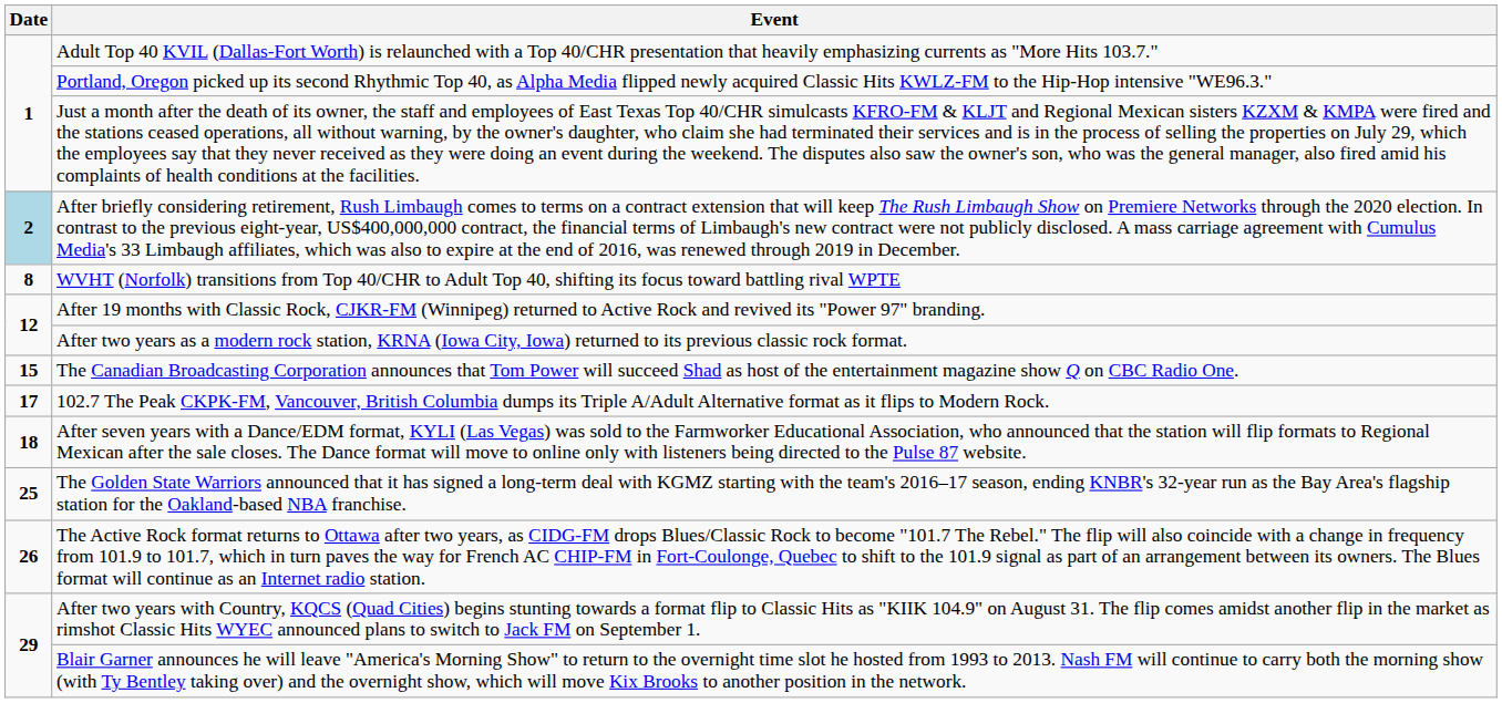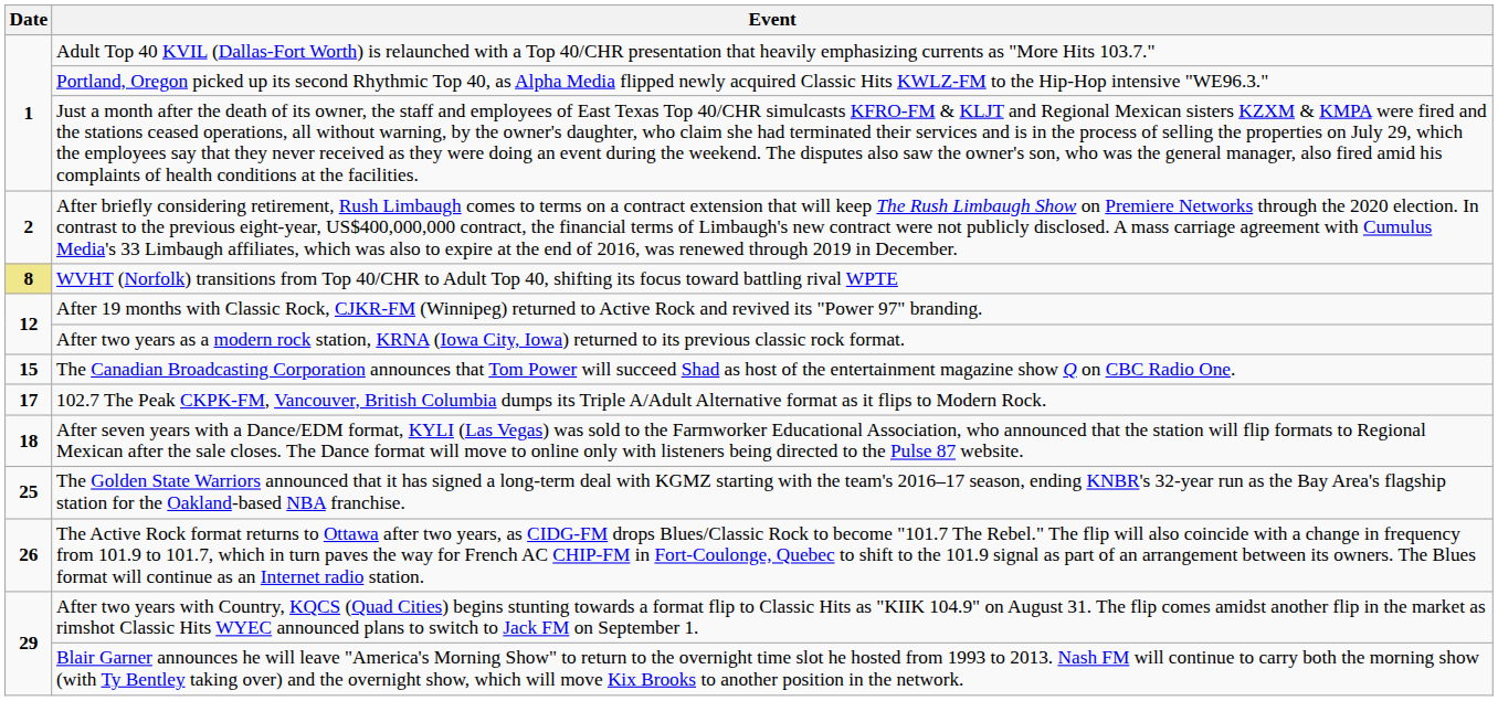 <table class="wikitable">
 <tr>
 <th>Date</th>
 <th>Event</th>
 </tr>
 <tr>
 <td style="text-align:center;" rowspan=3><strong>1</strong></td>
 <td>Adult Top 40 <a href='#'>KVIL</a> (<a href='#'>Dallas-Fort Worth</a>) is relaunched with a Top 40/CHR presentation that heavily emphasizing currents as "More Hits 103.7."</td>
 </tr>
 <tr>
 <td><a href='#'>Portland, Oregon</a> picked up its second Rhythmic Top 40, as <a href='#'>Alpha Media</a> flipped newly acquired Classic Hits <a href='#'>KWLZ-FM</a> to the Hip-Hop intensive "WE96.3."</td>
 </tr>
 <tr>
 <td>Just a month after the death of its owner, the staff and employees of East Texas Top 40/CHR simulcasts <a href='#'>KFRO-FM</a> & <a href='#'>KLJT</a> and Regional Mexican sisters <a href='#'>KZXM</a> & <a href='#'>KMPA</a> were fired and the stations ceased operations, all without warning, by the owner's daughter, who claim she had terminated their services and is in the process of selling the properties on July 29, which the employees say that they never received as they were doing an event during the weekend. The disputes also saw the owner's son, who was the general manager, also fired amid his complaints of health conditions at the facilities.</td>
 </tr>
 <tr>
-<td style="background: lightblue; text-align:center;"><strong>2</strong></td>
+<td style="text-align:center;"><strong>2</strong></td>
 <td>After briefly considering retirement, <a href='#'>Rush Limbaugh</a> comes to terms on a contract extension that will keep <em><a href='#'>The Rush Limbaugh Show</a></em> on <a href='#'>Premiere Networks</a> through the 2020 election. In contrast to the previous eight-year, US$400,000,000 contract, the financial terms of Limbaugh's new contract were not publicly disclosed. A mass carriage agreement with <a href='#'>Cumulus Media</a>'s 33 Limbaugh affiliates, which was also to expire at the end of 2016, was renewed through 2019 in December.</td>
 </tr>
 <tr>
-<td style="text-align:center;"><strong>8</strong></td>
+<td style="background: khaki; text-align:center;"><strong>8</strong></td>
 <td><a href='#'>WVHT</a> (<a href='#'>Norfolk</a>) transitions from Top 40/CHR to Adult Top 40, shifting its focus toward battling rival <a href='#'>WPTE</a></td>
 </tr>
 <tr>
 <td style="text-align:center;" rowspan=2><strong>12</strong></td>
 <td>After 19 months with Classic Rock, <a href='#'>CJKR-FM</a> (Winnipeg) returned to Active Rock and revived its "Power 97" branding.</td>
 </tr>
 <tr>
 <td>After two years as a <a href='#'>modern rock</a> station, <a href='#'>KRNA</a> (<a href='#'>Iowa City, Iowa</a>) returned to its previous classic rock format.</td>
 </tr>
 <tr>
 <td style="text-align:center;"><strong>15</strong></td>
 <td>The <a href='#'>Canadian Broadcasting Corporation</a> announces that <a href='#'>Tom Power</a> will succeed <a href='#'>Shad</a> as host of the entertainment magazine show <em><a href='#'>Q</a></em> on <a href='#'>CBC Radio One</a>.</td>
 </tr>
 <tr>
 <td style="text-align:center;"><strong>17</strong></td>
 <td>102.7 The Peak <a href='#'>CKPK-FM</a>, <a href='#'>Vancouver, British Columbia</a> dumps its Triple A/Adult Alternative format as it flips to Modern Rock.</td>
 </tr>
 <tr>
 <td style="text-align:center;"><strong>18</strong></td>
 <td>After seven years with a Dance/EDM format, <a href='#'>KYLI</a> (<a href='#'>Las Vegas</a>) was sold to the Farmworker Educational Association, who announced that the station will flip formats to Regional Mexican after the sale closes. The Dance format will move to online only with listeners being directed to the <a href='#'>Pulse 87</a> website.</td>
 </tr>
 <tr>
 <td style="text-align:center;"><strong>25</strong></td>
 <td>The <a href='#'>Golden State Warriors</a> announced that it has signed a long-term deal with KGMZ starting with the team's 2016–17 season, ending <a href='#'>KNBR</a>'s 32-year run as the Bay Area's flagship station for the <a href='#'>Oakland</a>-based <a href='#'>NBA</a> franchise.</td>
 </tr>
 <tr>
 <td style="text-align:center;"><strong>26</strong></td>
 <td>The Active Rock format returns to <a href='#'>Ottawa</a> after two years, as <a href='#'>CIDG-FM</a> drops Blues/Classic Rock to become "101.7 The Rebel." The flip will also coincide with a change in frequency from 101.9 to 101.7, which in turn paves the way for French AC <a href='#'>CHIP-FM</a> in <a href='#'>Fort-Coulonge, Quebec</a> to shift to the 101.9 signal as part of an arrangement between its owners. The Blues format will continue as an <a href='#'>Internet radio</a> station.</td>
 </tr>
 <tr>
 <td style="text-align:center;" rowspan=2><strong>29</strong></td>
 <td>After two years with Country, <a href='#'>KQCS</a> (<a href='#'>Quad Cities</a>) begins stunting towards a format flip to Classic Hits as "KIIK 104.9" on August 31. The flip comes amidst another flip in the market as rimshot Classic Hits <a href='#'>WYEC</a> announced plans to switch to <a href='#'>Jack FM</a> on September 1.</td>
 </tr>
 <tr>
 <td><a href='#'>Blair Garner</a> announces he will leave "America's Morning Show" to return to the overnight time slot he hosted from 1993 to 2013. <a href='#'>Nash FM</a> will continue to carry both the morning show (with <a href='#'>Ty Bentley</a> taking over) and the overnight show, which will move <a href='#'>Kix Brooks</a> to another position in the network.</td>
 </tr>
 </table>
